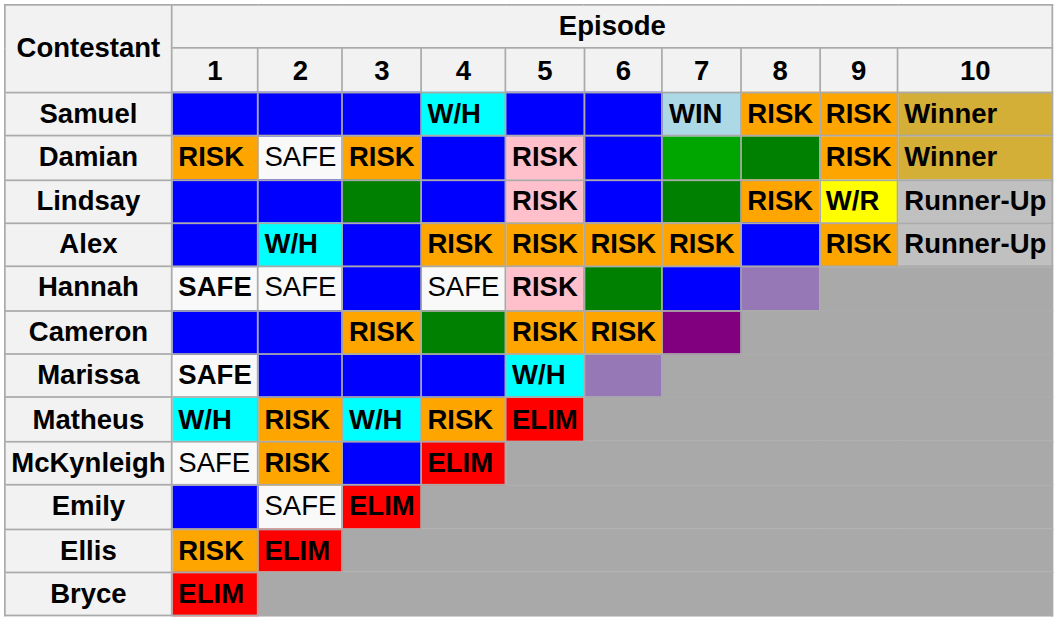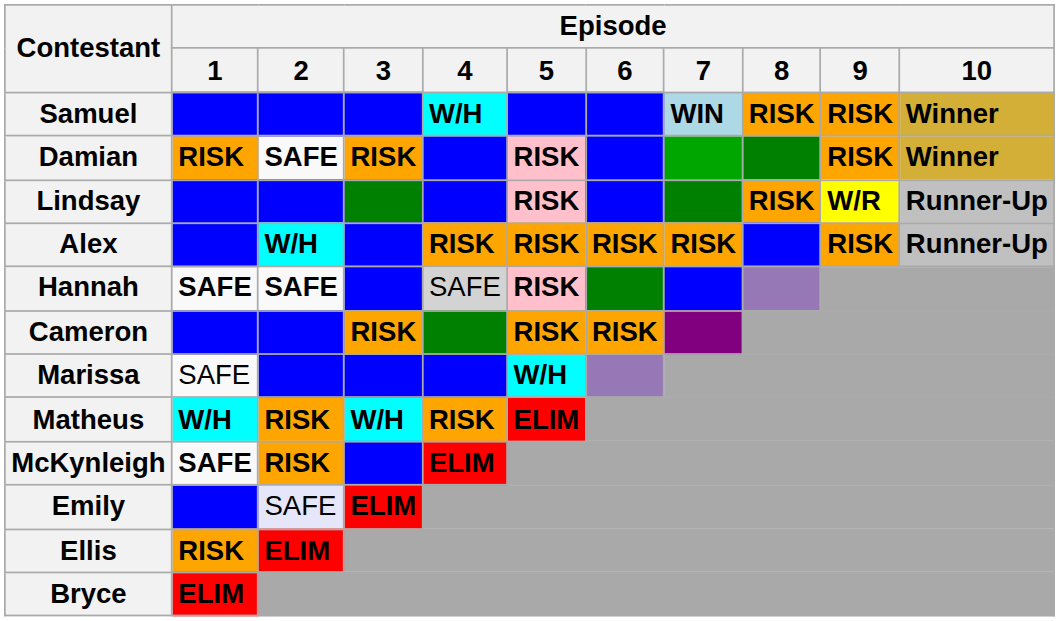 <table class="wikitable" align=>
 <tr>
 <th rowspan=2>Contestant</th>
 <th colspan=10>Episode</th>
 </tr>
 <tr>
 <th>1</th>
 <th>2</th>
 <th>3</th>
 <th>4</th>
 <th>5</th>
 <th>6</th>
 <th>7</th>
 <th>8</th>
 <th>9</th>
 <th>10</th>
 </tr>
 <tr>
 <th>Samuel</th>
 <td style="background: blue;"><strong></strong></td>
 <td style="background:blue;"><strong></strong></td>
 <td style="background:blue;"><strong></strong></td>
 <td style="background:aqua;"><strong>W/H</strong></td>
 <td style="background:blue;"><strong></strong></td>
 <td style="background:blue;"><strong></strong></td>
 <td style="background:lightblue;"><strong>WIN</strong></td>
 <td style="background:orange;"><strong>RISK</strong></td>
 <td style="background:orange;"><strong>RISK</strong></td>
 <td style="background:#D4AF37;"><strong>Winner</strong></td>
 </tr>
 <tr>
 <th>Damian</th>
 <td style="background:orange;"><strong>RISK</strong></td>
-<td>SAFE</td>
+<td><strong>SAFE</strong></td>
 <td style="background:orange;"><strong>RISK</strong></td>
 <td style="background:blue;"><strong></strong></td>
 <td style="background:pink;"><strong>RISK</strong></td>
 <td style="background:blue;"><strong></strong></td>
 <td style="background:#00A600;"><strong></strong></td>
 <td style="background:green;"><strong></strong></td>
 <td style="background:orange;"><strong>RISK</strong></td>
 <td style="background:#D4AF37;"><strong>Winner</strong></td>
 </tr>
 <tr>
 <th>Lindsay</th>
 <td style="background:blue;"><strong></strong></td>
 <td style="background:blue;"><strong></strong></td>
 <td style="background:green;"><strong></strong></td>
 <td style="background:blue;"><strong></strong></td>
 <td style="background:pink;"><strong>RISK</strong></td>
 <td style="background: blue;"><strong></strong></td>
 <td style="background: green;"><strong></strong></td>
 <td style="background:orange;"><strong>RISK</strong></td>
 <td style="background:yellow;"><strong>W/R</strong></td>
 <td style="background:silver;"><strong>Runner-Up</strong></td>
 </tr>
 <tr>
 <th>Alex</th>
 <td style="background:blue;"><strong></strong></td>
 <td style="background:aqua;"><strong>W/H</strong></td>
 <td style="background: blue;"><strong></strong></td>
 <td style="background:orange;"><strong>RISK</strong></td>
 <td style="background:orange;"><strong>RISK</strong></td>
 <td style="background:orange;"><strong>RISK</strong></td>
 <td style="background:orange;"><strong>RISK</strong></td>
 <td style="background: blue;"><strong></strong></td>
 <td style="background:orange;"><strong>RISK</strong></td>
 <td style="background:silver;"><strong>Runner-Up</strong></td>
 </tr>
 <tr>
 <th>Hannah</th>
 <td><strong>SAFE</strong></td>
-<td>SAFE</td>
+<td><strong>SAFE</strong></td>
 <td style="background:blue;"><strong></strong></td>
-<td>SAFE</td>
+<td style="background: lightgrey;">SAFE</td>
 <td style="background:pink;"><strong>RISK</strong></td>
 <td style="background: green;"><strong></strong></td>
 <td style="background:blue;"><strong></strong></td>
 <td style="background:#9678B6;"><strong></strong></td>
 <td style="background:darkgrey;" colspan="5"></td>
 </tr>
 <tr>
 <th>Cameron</th>
 <td style="background: blue;"><strong></strong></td>
 <td style="background:blue;"><strong></strong></td>
 <td style="background:orange;"><strong>RISK</strong></td>
 <td style="background:green;"><strong></strong></td>
 <td style="background:orange;"><strong>RISK</strong></td>
 <td style="background:orange;"><strong>RISK</strong></td>
 <td style="background:purple;"><strong></strong></td>
 <td style="background:darkgrey;" colspan="4"></td>
 </tr>
 <tr>
 <th>Marissa</th>
-<td><strong>SAFE</strong></td>
+<td>SAFE</td>
 <td style="background:blue;"><strong></strong></td>
 <td style="background:blue;"><strong></strong></td>
 <td style="background:blue;"><strong></strong></td>
 <td style="background:aqua;"><strong>W/H</strong></td>
 <td style="background:#9678B6;"><strong></strong></td>
 <td style="background:darkgrey;" colspan="5"></td>
 </tr>
 <tr>
 <th>Matheus</th>
 <td style="background:aqua;"><strong>W/H</strong></td>
 <td style="background:orange;"><strong>RISK</strong></td>
 <td style="background:aqua;"><strong>W/H</strong></td>
 <td style="background:orange;"><strong>RISK</strong></td>
 <td style="background:red;"><strong>ELIM</strong></td>
 <td style="background:darkgrey;" colspan="6"></td>
 </tr>
 <tr>
 <th>McKynleigh</th>
-<td>SAFE</td>
+<td><strong>SAFE</strong></td>
 <td style="background:orange;"><strong>RISK</strong></td>
 <td style="background:blue;"><strong></strong></td>
 <td style="background:red;"><strong>ELIM</strong></td>
 <td style="background:darkgrey;" colspan="6"></td>
 </tr>
 <tr>
 <th>Emily</th>
 <td style="background:blue;"><strong></strong></td>
-<td>SAFE</td>
+<td style="background: lavender;">SAFE</td>
 <td style="background:red;"><strong>ELIM</strong></td>
 <td style="background:darkgrey;" colspan="7"></td>
 </tr>
 <tr>
 <th>Ellis</th>
 <td style="background:orange;"><strong>RISK</strong></td>
 <td style="background:red;"><strong>ELIM</strong></td>
 <td style="background:darkgrey;" colspan="8"></td>
 </tr>
 <tr>
 <th>Bryce</th>
 <td style="background:red;"><strong>ELIM</strong></td>
 <td style="background:darkgrey;" colspan="9"></td>
 </tr>
 </table>
